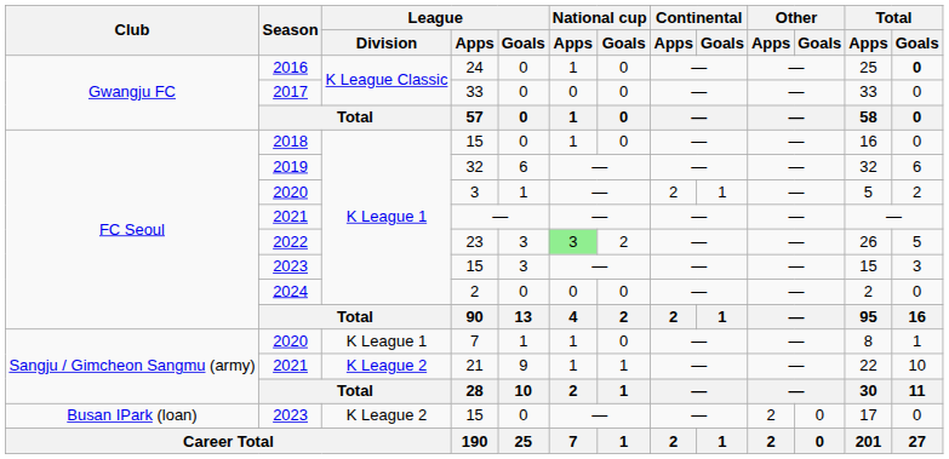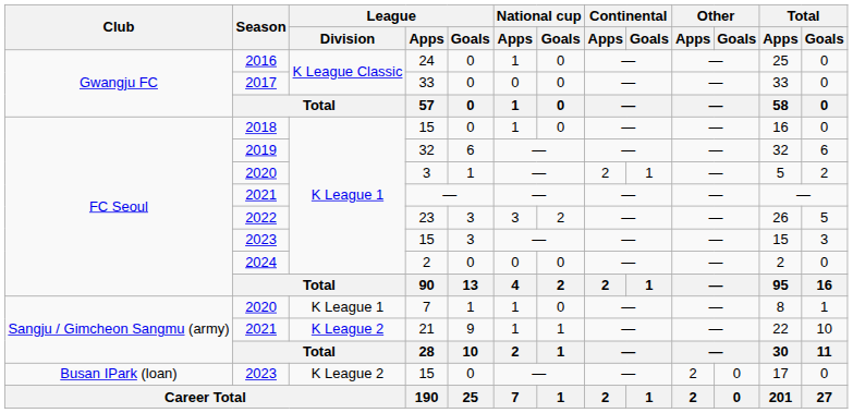 <table class="wikitable" style="text-align:center">
 <tr>
 <th rowspan="2">Club</th>
 <th rowspan="2">Season</th>
 <th colspan="3">League</th>
 <th colspan="2">National cup</th>
 <th colspan="2">Continental</th>
 <th colspan="2">Other</th>
 <th colspan="2">Total</th>
 </tr>
 <tr>
 <th>Division</th>
 <th>Apps</th>
 <th>Goals</th>
 <th>Apps</th>
 <th>Goals</th>
 <th>Apps</th>
 <th>Goals</th>
 <th>Apps</th>
 <th>Goals</th>
 <th>Apps</th>
 <th>Goals</th>
 </tr>
 <tr>
 <td rowspan="3"><a href='#'>Gwangju FC</a></td>
 <td><a href='#'>2016</a></td>
 <td rowspan="2"><a href='#'>K League Classic</a></td>
 <td>24</td>
 <td>0</td>
 <td>1</td>
 <td>0</td>
 <td colspan="2">—</td>
 <td colspan="2">—</td>
 <td>25</td>
-<td><strong>0</strong></td>
+<td>0</td>
 </tr>
 <tr>
 <td><a href='#'>2017</a></td>
 <td>33</td>
 <td>0</td>
 <td>0</td>
 <td>0</td>
 <td colspan="2">—</td>
 <td colspan="2">—</td>
 <td>33</td>
 <td>0</td>
 </tr>
 <tr>
 <th colspan="2">Total</th>
 <th>57</th>
 <th>0</th>
 <th>1</th>
 <th>0</th>
 <th colspan="2">—</th>
 <th colspan="2">—</th>
 <th>58</th>
 <th>0</th>
 </tr>
 <tr>
 <td rowspan="8"><a href='#'>FC Seoul</a></td>
 <td><a href='#'>2018</a></td>
 <td rowspan="7"><a href='#'>K League 1</a></td>
 <td>15</td>
 <td>0</td>
 <td>1</td>
 <td>0</td>
 <td colspan="2">—</td>
 <td colspan="2">—</td>
 <td>16</td>
 <td>0</td>
 </tr>
 <tr>
 <td><a href='#'>2019</a></td>
 <td>32</td>
 <td>6</td>
 <td colspan="2">—</td>
 <td colspan="2">—</td>
 <td colspan="2">—</td>
 <td>32</td>
 <td>6</td>
 </tr>
 <tr>
 <td><a href='#'>2020</a></td>
 <td>3</td>
 <td>1</td>
 <td colspan="2">—</td>
 <td>2</td>
 <td>1</td>
 <td colspan="2">—</td>
 <td>5</td>
 <td>2</td>
 </tr>
 <tr>
 <td><a href='#'>2021</a></td>
 <td colspan="2">—</td>
 <td colspan="2">—</td>
 <td colspan="2">—</td>
 <td colspan="2">—</td>
 <td colspan="2">—</td>
 </tr>
 <tr>
 <td><a href='#'>2022</a></td>
 <td>23</td>
 <td>3</td>
-<td style="background: lightgreen;">3</td>
+<td>3</td>
 <td>2</td>
 <td colspan="2">—</td>
 <td colspan="2">—</td>
 <td>26</td>
 <td>5</td>
 </tr>
 <tr>
 <td><a href='#'>2023</a></td>
 <td>15</td>
 <td>3</td>
 <td colspan="2">—</td>
 <td colspan="2">—</td>
 <td colspan="2">—</td>
 <td>15</td>
 <td>3</td>
 </tr>
 <tr>
 <td><a href='#'>2024</a></td>
 <td>2</td>
 <td>0</td>
 <td>0</td>
 <td>0</td>
 <td colspan="2">—</td>
 <td colspan="2">—</td>
 <td>2</td>
 <td>0</td>
 </tr>
 <tr>
 <th colspan="2">Total</th>
 <th>90</th>
 <th>13</th>
 <th>4</th>
 <th>2</th>
 <th>2</th>
 <th>1</th>
 <th colspan="2">—</th>
 <th>95</th>
 <th>16</th>
 </tr>
 <tr>
 <td rowspan="3"><a href='#'>Sangju / Gimcheon Sangmu</a> (army)</td>
 <td><a href='#'>2020</a></td>
 <td>K League 1</td>
 <td>7</td>
 <td>1</td>
 <td>1</td>
 <td>0</td>
 <td colspan="2">—</td>
 <td colspan="2">—</td>
 <td>8</td>
 <td>1</td>
 </tr>
 <tr>
 <td><a href='#'>2021</a></td>
 <td><a href='#'>K League 2</a></td>
 <td>21</td>
 <td>9</td>
 <td>1</td>
 <td>1</td>
 <td colspan="2">—</td>
 <td colspan="2">—</td>
 <td>22</td>
 <td>10</td>
 </tr>
 <tr>
 <th colspan="2">Total</th>
 <th>28</th>
 <th>10</th>
 <th>2</th>
 <th>1</th>
 <th colspan="2">—</th>
 <th colspan="2">—</th>
 <th>30</th>
 <th>11</th>
 </tr>
 <tr>
 <td><a href='#'>Busan IPark</a> (loan)</td>
 <td><a href='#'>2023</a></td>
 <td>K League 2</td>
 <td>15</td>
 <td>0</td>
 <td colspan="2">—</td>
 <td colspan="2">—</td>
 <td>2</td>
 <td>0</td>
 <td>17</td>
 <td>0</td>
 </tr>
 <tr>
 <th colspan="3">Career Total</th>
 <th>190</th>
 <th>25</th>
 <th>7</th>
 <th>1</th>
 <th>2</th>
 <th>1</th>
 <th>2</th>
 <th>0</th>
 <th>201</th>
 <th>27</th>
 </tr>
 </table>
